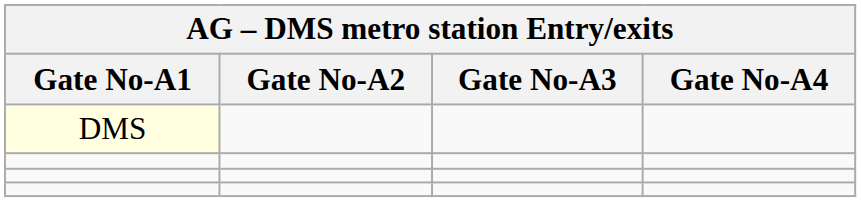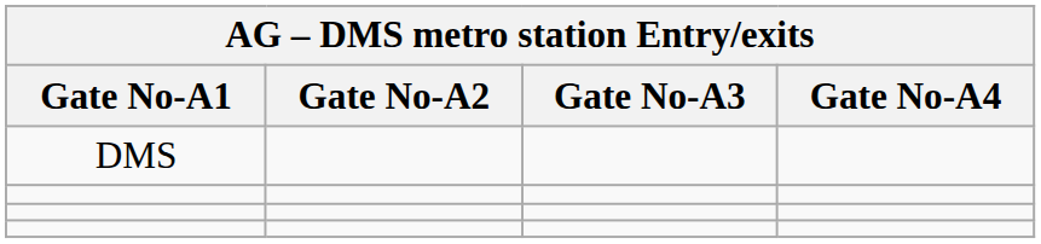 <table class="wikitable" style="text-align: center;" width="70%">
 <tr>
 <th align="center" colspan="5" style="background:#"><span><strong>AG – DMS metro station Entry/exits </strong></span></th>
 </tr>
 <tr>
 <th style="width:5%;">Gate No-A1</th>
 <th style="width:5%;">Gate No-A2</th>
 <th style="width:5%;">Gate No-A3</th>
 <th style="width:5%;">Gate No-A4</th>
 </tr>
 <tr>
-<td style="background: lightyellow;">DMS</td>
+<td>DMS</td>
 <td></td>
 <td></td>
 <td></td>
 </tr>
 <tr>
 <td></td>
 <td></td>
 <td></td>
 <td></td>
 </tr>
 <tr>
 <td></td>
 <td></td>
 <td></td>
 <td></td>
 </tr>
 <tr>
 <td></td>
 <td></td>
 <td></td>
 <td></td>
 </tr>
 </table>
